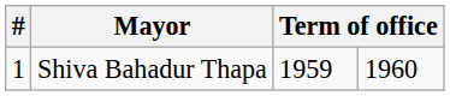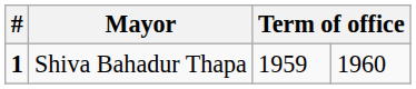 <table class="wikitable">
 <tr>
 <th>#</th>
 <th>Mayor</th>
 <th colspan="2">Term of office</th>
 </tr>
 <tr>
-<td>1</td>
+<td><strong>1</strong></td>
 <td>Shiva Bahadur Thapa</td>
 <td>1959</td>
 <td>1960</td>
 </tr>
 </table>
